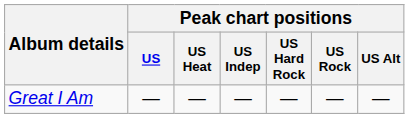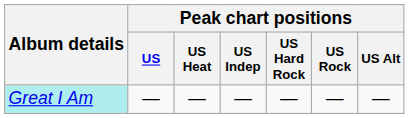 <table class="wikitable" style="text-align:center;">
 <tr>
 <th rowspan="2">Album details</th>
 <th colspan="19">Peak chart positions</th>
 </tr>
 <tr>
 <th style="width:3em;font-size:75%"><a href='#'>US</a></th>
 <th style="width:3em;font-size:75%">US Heat</th>
 <th style="width:3em;font-size:75%">US Indep</th>
 <th style="width:3em;font-size:75%">US Hard Rock</th>
 <th style="width:3em;font-size:75%">US Rock</th>
 <th style="width:3em;font-size:75%">US Alt</th>
 </tr>
 <tr>
-<td align=left><em><a href='#'>Great I Am</a></em><br></td>
+<td align=left style="background: paleturquoise;"><em><a href='#'>Great I Am</a></em><br></td>
 <td>—</td>
 <td>—</td>
 <td>—</td>
 <td>—</td>
 <td>—</td>
 <td>—</td>
 </tr>
 </table>
